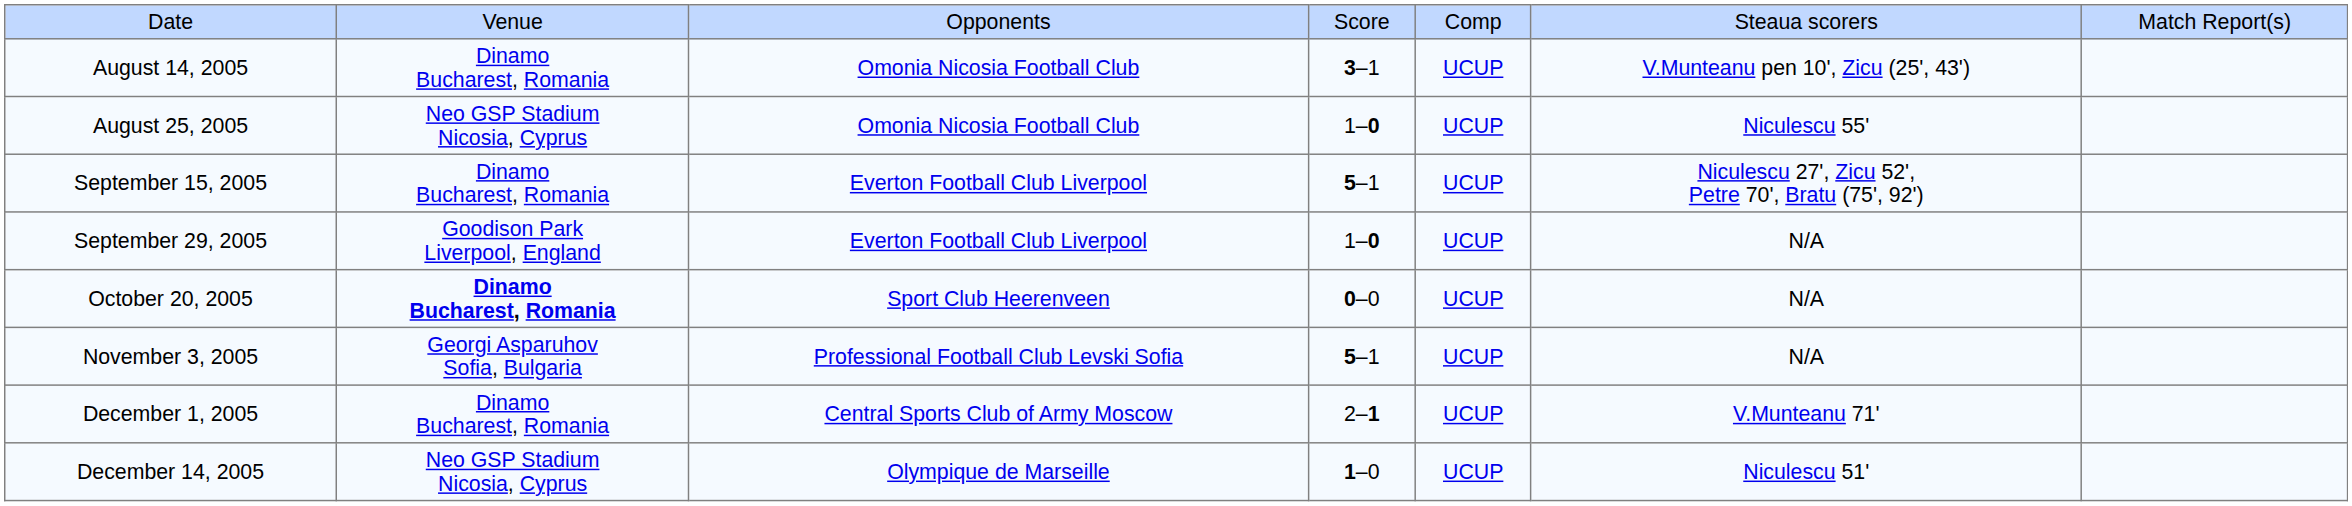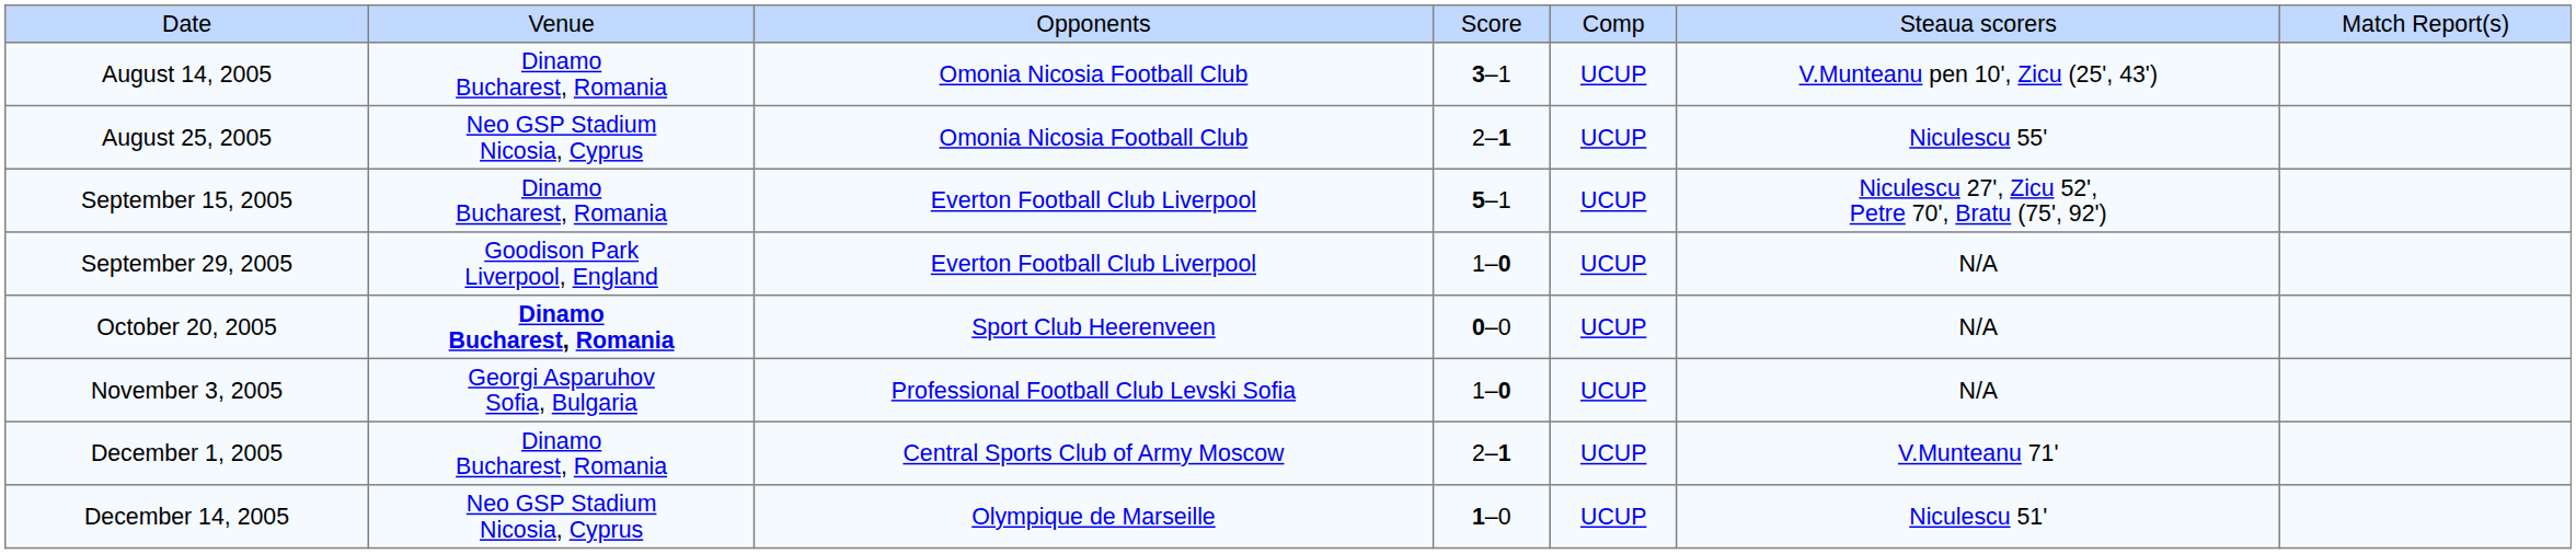 <table border=1 style="border-collapse:collapse; font-size:90%;" cellpadding=3 cellspacing=0 width=100%>
 <tr bgcolor=#C1D8FF align=center>
 <td>Date</td>
 <td>Venue</td>
 <td>Opponents</td>
 <td>Score</td>
 <td>Comp</td>
 <td>Steaua scorers</td>
 <td>Match Report(s)</td>
 </tr>
 <tr align=center bgcolor=#F5FAFF>
 <td>August 14, 2005</td>
 <td><a href='#'>Dinamo</a><br><a href='#'>Bucharest</a>, <a href='#'>Romania</a></td>
 <td><a href='#'>Omonia Nicosia Football Club</a></td>
 <td><strong>3</strong>–1</td>
 <td><a href='#'>UCUP</a></td>
 <td><a href='#'>V.Munteanu</a> pen 10', <a href='#'>Zicu</a> (25', 43')</td>
 <td></td>
 </tr>
 <tr align=center bgcolor=#F5FAFF>
 <td>August 25, 2005</td>
 <td><a href='#'>Neo GSP Stadium</a><br><a href='#'>Nicosia</a>, <a href='#'>Cyprus</a></td>
 <td><a href='#'>Omonia Nicosia Football Club</a></td>
-<td>1–<strong>0</strong></td>
+<td>2–<strong>1</strong></td>
 <td><a href='#'>UCUP</a></td>
 <td><a href='#'>Niculescu</a> 55'</td>
 <td></td>
 </tr>
 <tr align=center bgcolor=#F5FAFF>
 <td>September 15, 2005</td>
 <td><a href='#'>Dinamo</a><br><a href='#'>Bucharest</a>, <a href='#'>Romania</a></td>
 <td><a href='#'>Everton Football Club Liverpool</a></td>
 <td><strong>5</strong>–1</td>
 <td><a href='#'>UCUP</a></td>
 <td><a href='#'>Niculescu</a> 27', <a href='#'>Zicu</a> 52',<br> <a href='#'>Petre</a> 70', <a href='#'>Bratu</a> (75', 92')</td>
 <td></td>
 </tr>
 <tr align=center bgcolor=#F5FAFF>
 <td>September 29, 2005</td>
 <td><a href='#'>Goodison Park</a><br><a href='#'>Liverpool</a>, <a href='#'>England</a></td>
 <td><a href='#'>Everton Football Club Liverpool</a></td>
 <td>1–<strong>0</strong></td>
 <td><a href='#'>UCUP</a></td>
 <td>N/A</td>
 <td></td>
 </tr>
 <tr align=center bgcolor=#F5FAFF>
 <td>October 20, 2005</td>
 <td><strong><a href='#'>Dinamo</a><br><a href='#'>Bucharest</a>, <a href='#'>Romania</a></strong></td>
 <td><a href='#'>Sport Club Heerenveen</a></td>
 <td><strong>0</strong>–0</td>
 <td><a href='#'>UCUP</a></td>
 <td>N/A</td>
 <td></td>
 </tr>
 <tr align=center bgcolor=#F5FAFF>
 <td>November 3, 2005</td>
 <td><a href='#'>Georgi Asparuhov</a><br><a href='#'>Sofia</a>, <a href='#'>Bulgaria</a></td>
 <td><a href='#'>Professional Football Club Levski Sofia</a></td>
-<td><strong>5</strong>–1</td>
+<td>1–<strong>0</strong></td>
 <td><a href='#'>UCUP</a></td>
 <td>N/A</td>
 <td></td>
 </tr>
 <tr align=center bgcolor=#F5FAFF>
 <td>December 1, 2005</td>
 <td><a href='#'>Dinamo</a><br><a href='#'>Bucharest</a>, <a href='#'>Romania</a></td>
 <td><a href='#'>Central Sports Club of Army Moscow</a></td>
 <td>2–<strong>1</strong></td>
 <td><a href='#'>UCUP</a></td>
 <td><a href='#'>V.Munteanu</a> 71'</td>
 <td></td>
 </tr>
 <tr align=center bgcolor=#F5FAFF>
 <td>December 14, 2005</td>
 <td><a href='#'>Neo GSP Stadium</a><br><a href='#'>Nicosia</a>, <a href='#'>Cyprus</a></td>
 <td><a href='#'>Olympique de Marseille</a></td>
 <td><strong>1</strong>–0</td>
 <td><a href='#'>UCUP</a></td>
 <td><a href='#'>Niculescu</a> 51'</td>
 <td></td>
 </tr>
 </table>
